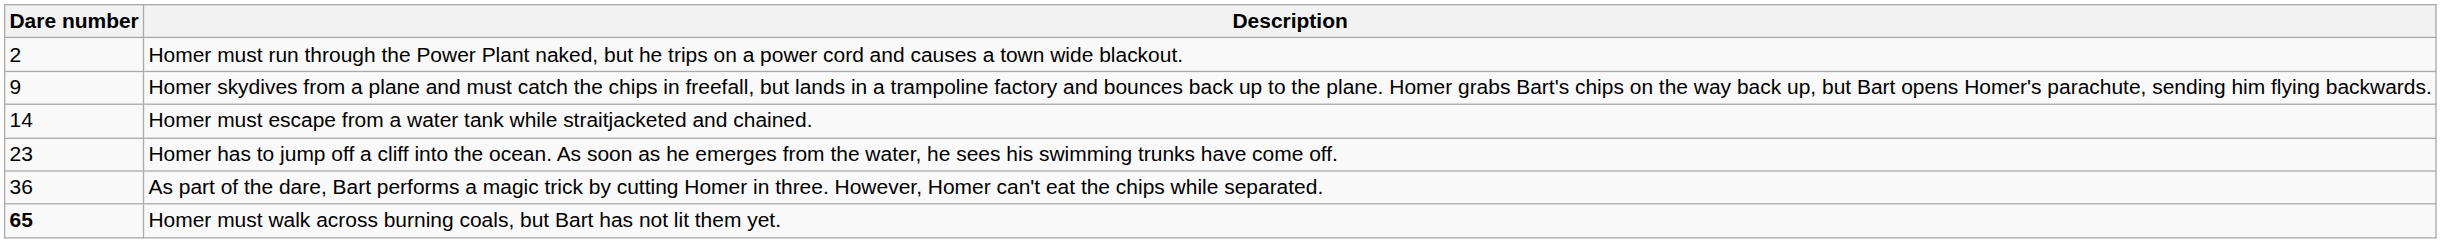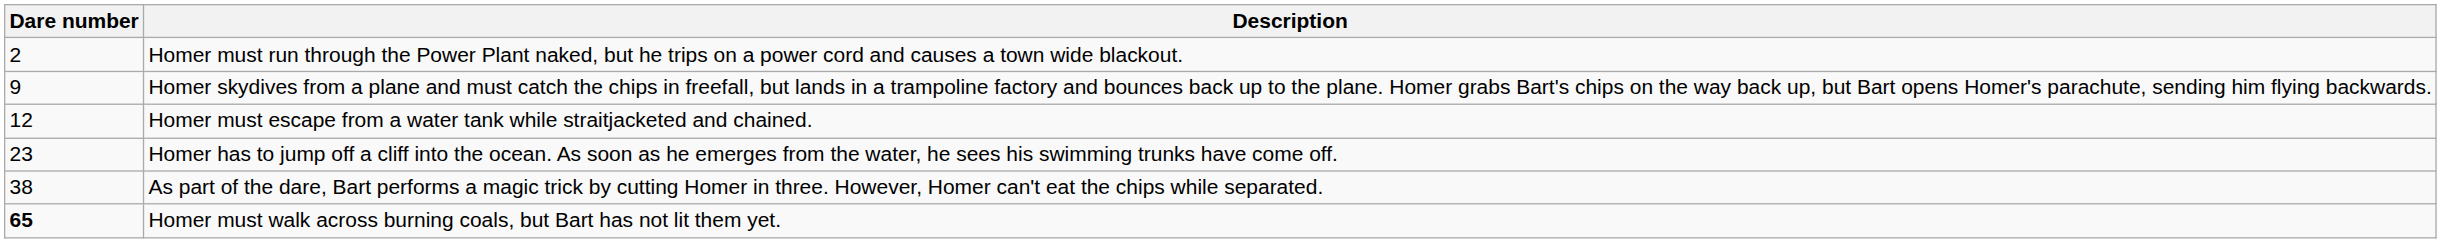 <table class="wikitable">
 <tr>
 <th>Dare number</th>
 <th>Description</th>
 </tr>
 <tr>
 <td>2</td>
 <td>Homer must run through the Power Plant naked, but he trips on a power cord and causes a town wide blackout.</td>
 </tr>
 <tr>
 <td>9</td>
 <td>Homer skydives from a plane and must catch the chips in freefall, but lands in a trampoline factory and bounces back up to the plane. Homer grabs Bart's chips on the way back up, but Bart opens Homer's parachute, sending him flying backwards.</td>
 </tr>
 <tr>
-<td>14</td>
+<td>12</td>
 <td>Homer must escape from a water tank while straitjacketed and chained.</td>
 </tr>
 <tr>
 <td>23</td>
 <td>Homer has to jump off a cliff into the ocean. As soon as he emerges from the water, he sees his swimming trunks have come off.</td>
 </tr>
 <tr>
-<td>36</td>
+<td>38</td>
 <td>As part of the dare, Bart performs a magic trick by cutting Homer in three. However, Homer can't eat the chips while separated.</td>
 </tr>
 <tr>
 <td><strong>65</strong></td>
 <td>Homer must walk across burning coals, but Bart has not lit them yet.</td>
 </tr>
 </table>
